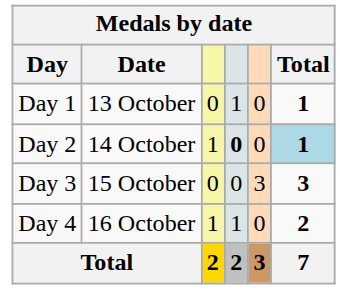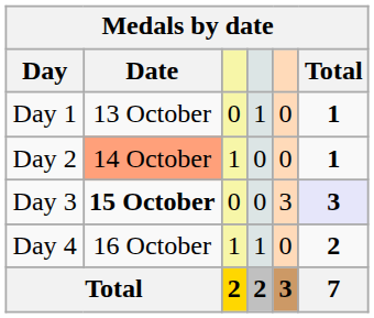 <table class=wikitable style="text-align:center;font-size:85%;float:right;clear:right;">
 <tr bgcolor=efefef>
 <th colspan=6>Medals by date</th>
 </tr>
 <tr>
 <th>Day</th>
 <th>Date</th>
 <td bgcolor=#f7f6a8></td>
 <td bgcolor=#dce5e5></td>
 <td bgcolor=#ffdab9></td>
 <th>Total</th>
 </tr>
 <tr>
 <td>Day 1</td>
 <td>13 October</td>
 <td bgcolor=F7F6A8>0</td>
 <td bgcolor=DCE5E5>1</td>
 <td bgcolor=FFDAB9>0</td>
 <td><strong>1</strong></td>
 </tr>
 <tr>
 <td>Day 2</td>
-<td>14 October</td>
+<td style="background: lightsalmon;">14 October</td>
 <td bgcolor=F7F6A8>1</td>
-<td bgcolor=DCE5E5><strong>0</strong></td>
+<td bgcolor=DCE5E5>0</td>
 <td bgcolor=FFDAB9>0</td>
-<td style="background: lightblue;"><strong>1</strong></td>
+<td><strong>1</strong></td>
 </tr>
 <tr>
 <td>Day 3</td>
-<td>15 October</td>
+<td><strong>15 October</strong></td>
 <td bgcolor=F7F6A8>0</td>
 <td bgcolor=DCE5E5>0</td>
 <td bgcolor=FFDAB9>3</td>
-<td><strong>3</strong></td>
+<td style="background: lavender;"><strong>3</strong></td>
 </tr>
 <tr>
 <td>Day 4</td>
 <td>16 October</td>
 <td bgcolor=F7F6A8>1</td>
 <td bgcolor=DCE5E5>1</td>
 <td bgcolor=FFDAB9>0</td>
 <td><strong>2</strong></td>
 </tr>
 <tr>
 <th colspan=2>Total</th>
 <th style="background:gold">2</th>
 <th style="background:silver">2</th>
 <th style="background:#c96">3</th>
 <th>7</th>
 </tr>
 </table>
